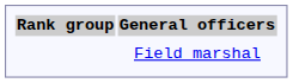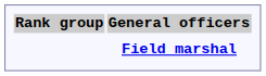 <table style="border:1px solid #8888aa; background-color:#f7f8ff; padding:5px; font-size:95%; margin: 0px 12px 12px 0px; text-align:center;">
 <tr bgcolor="#CCCCCC">
 <th>Rank group</th>
 <th>General officers</th>
 </tr>
 <tr>
 <td rowspan=2><strong></strong><br></td>
 <td></td>
 </tr>
 <tr>
-<td><a href='#'>Field marshal</a></td>
+<td><strong><a href='#'>Field marshal</a></strong></td>
 </tr>
 <tr>
 </tr>
 </table>
